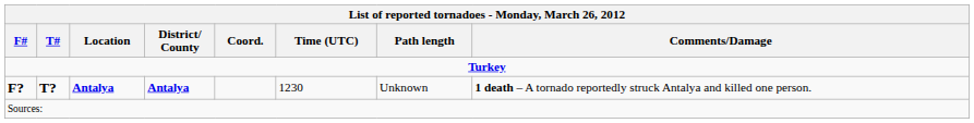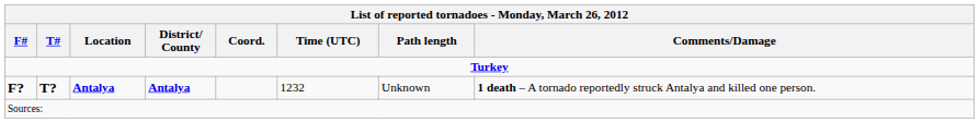 <table class="wikitable collapsible" width="100%">
 <tr>
 <th colspan="8">List of reported tornadoes - Monday, March 26, 2012</th>
 </tr>
 <tr>
 <th><a href='#'>F#</a></th>
 <th><a href='#'>T#</a></th>
 <th>Location</th>
 <th>District/<br>County</th>
 <th>Coord.</th>
 <th>Time (UTC)</th>
 <th>Path length</th>
 <th>Comments/Damage</th>
 </tr>
 <tr>
 <td colspan="8" align=center><strong><a href='#'>Turkey</a></strong></td>
 </tr>
 <tr>
 <td><big><strong>F?</strong></big></td>
 <td><big><strong>T?</strong></big></td>
 <td><strong><a href='#'>Antalya</a></strong></td>
 <td><strong><a href='#'>Antalya</a></strong></td>
 <td></td>
-<td>1230</td>
+<td>1232</td>
 <td>Unknown</td>
 <td><strong>1 death</strong> – A tornado reportedly struck Antalya and killed one person.</td>
 </tr>
 <tr>
 <td colspan="8"><small>Sources:  </small></td>
 </tr>
 </table>
